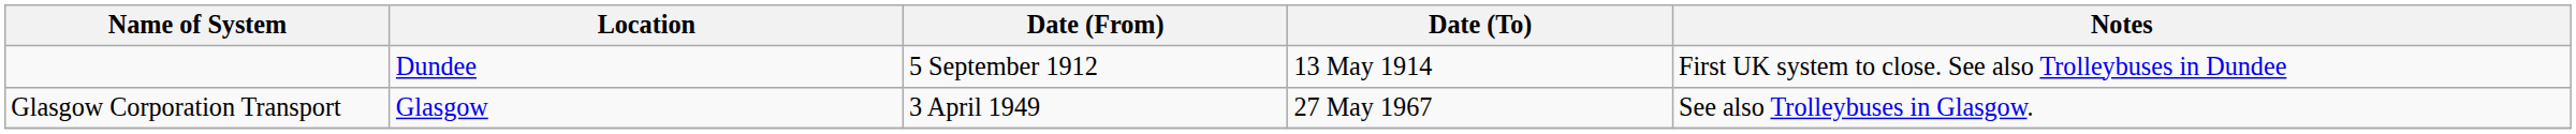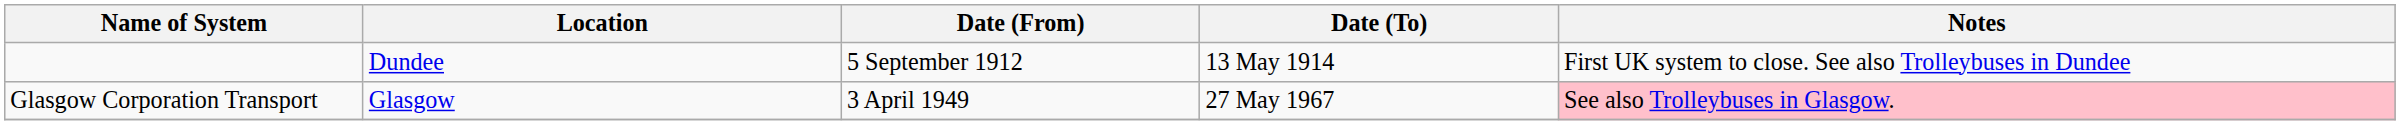 <table class="wikitable" width=100%>
 <tr>
 <th width=15%>Name of System</th>
 <th width=20%>Location</th>
 <th width=15%>Date (From)</th>
 <th width=15%>Date (To)</th>
 <th width=35%>Notes</th>
 </tr>
 <tr>
 <td> </td>
 <td><a href='#'>Dundee</a></td>
 <td>5 September 1912</td>
 <td>13 May 1914</td>
 <td>First UK system to close. See also <a href='#'>Trolleybuses in Dundee</a></td>
 </tr>
 <tr>
 <td>Glasgow Corporation Transport</td>
 <td><a href='#'>Glasgow</a></td>
 <td>3 April 1949</td>
 <td>27 May 1967</td>
-<td>See also <a href='#'>Trolleybuses in Glasgow</a>.</td>
+<td style="background: pink;">See also <a href='#'>Trolleybuses in Glasgow</a>.</td>
 </tr>
 <tr>
 </tr>
 </table>
